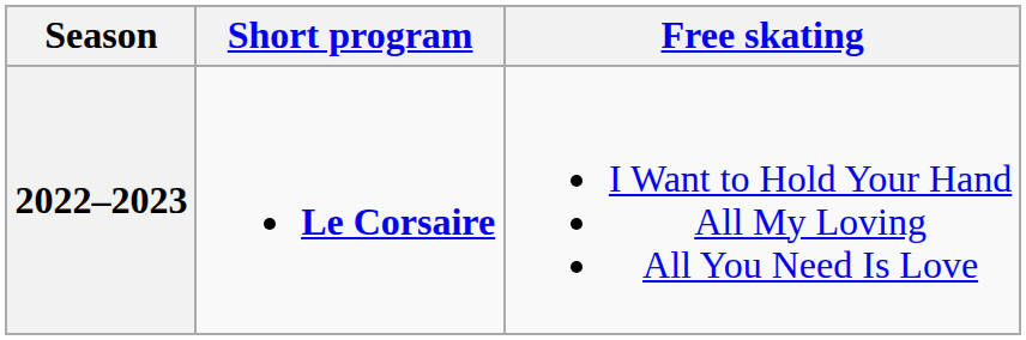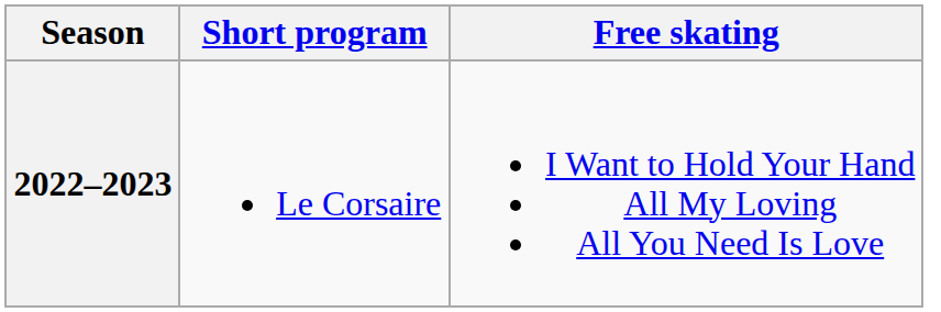 <table class=wikitable style=text-align:center>
 <tr>
 <th>Season</th>
 <th><a href='#'>Short program</a></th>
 <th><a href='#'>Free skating</a></th>
 </tr>
 <tr>
 <th>2022–2023 <br> </th>
-<td><strong><br><ul><li><a href='#'>Le Corsaire</a> <br> </li></ul></strong></td>
+<td><br><ul><li><a href='#'>Le Corsaire</a> <br> </li></ul></td>
 <td><br><ul><li><a href='#'>I Want to Hold Your Hand</a></li><li><a href='#'>All My Loving</a></li><li><a href='#'>All You Need Is Love</a> <br> </li></ul></td>
 </tr>
 </table>
